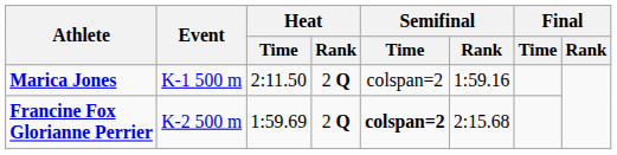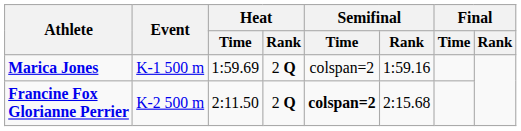 <table class=wikitable style=font-size:90%;text-align:center>
 <tr>
 <th rowspan=2>Athlete</th>
 <th rowspan=2>Event</th>
 <th colspan=2>Heat</th>
 <th colspan=2>Semifinal</th>
 <th colspan=2>Final</th>
 </tr>
 <tr style=font-size:95%>
 <th>Time</th>
 <th>Rank</th>
 <th>Time</th>
 <th>Rank</th>
 <th>Time</th>
 <th>Rank</th>
 </tr>
 <tr>
 <td align=left><strong><a href='#'>Marica Jones</a></strong></td>
 <td align=left><a href='#'>K-1 500 m</a></td>
-<td>2:11.50</td>
+<td>1:59.69</td>
 <td>2 <strong>Q</strong></td>
 <td>colspan=2 </td>
 <td>1:59.16</td>
 <td></td>
 </tr>
 <tr>
 <td align=left><strong><a href='#'>Francine Fox</a><br><a href='#'>Glorianne Perrier</a></strong></td>
 <td align=left><a href='#'>K-2 500 m</a></td>
-<td>1:59.69</td>
+<td>2:11.50</td>
 <td>2 <strong>Q</strong></td>
 <td><strong>colspan=2 </strong></td>
 <td>2:15.68</td>
 <td></td>
 </tr>
 </table>
